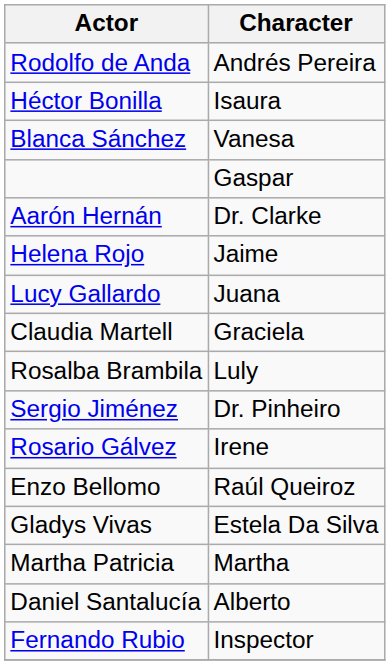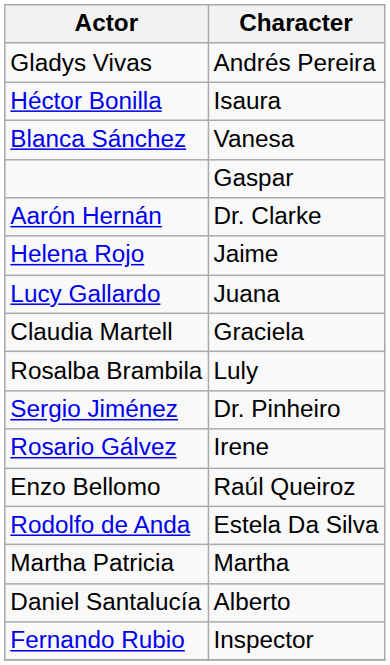 <table class="wikitable">
 <tr>
 <th>Actor</th>
 <th>Character</th>
 </tr>
 <tr>
-<td><a href='#'>Rodolfo de Anda</a></td>
+<td>Gladys Vivas</td>
 <td>Andrés Pereira</td>
 </tr>
 <tr>
 <td><a href='#'>Héctor Bonilla</a></td>
 <td>Isaura</td>
 </tr>
 <tr>
 <td><a href='#'>Blanca Sánchez</a></td>
 <td>Vanesa</td>
 </tr>
 <tr>
 <td></td>
 <td>Gaspar</td>
 </tr>
 <tr>
 <td><a href='#'>Aarón Hernán</a></td>
 <td>Dr. Clarke</td>
 </tr>
 <tr>
 <td><a href='#'>Helena Rojo</a></td>
 <td>Jaime</td>
 </tr>
 <tr>
 <td><a href='#'>Lucy Gallardo</a></td>
 <td>Juana</td>
 </tr>
 <tr>
 <td>Claudia Martell</td>
 <td>Graciela</td>
 </tr>
 <tr>
 <td>Rosalba Brambila</td>
 <td>Luly</td>
 </tr>
 <tr>
 <td><a href='#'>Sergio Jiménez</a></td>
 <td>Dr. Pinheiro</td>
 </tr>
 <tr>
 <td><a href='#'>Rosario Gálvez</a></td>
 <td>Irene</td>
 </tr>
 <tr>
 <td>Enzo Bellomo</td>
 <td>Raúl Queiroz</td>
 </tr>
 <tr>
-<td>Gladys Vivas</td>
+<td><a href='#'>Rodolfo de Anda</a></td>
 <td>Estela Da Silva</td>
 </tr>
 <tr>
 <td>Martha Patricia</td>
 <td>Martha</td>
 </tr>
 <tr>
 <td>Daniel Santalucía</td>
 <td>Alberto</td>
 </tr>
 <tr>
 <td><a href='#'>Fernando Rubio</a></td>
 <td>Inspector</td>
 </tr>
 <tr>
 </tr>
 </table>
